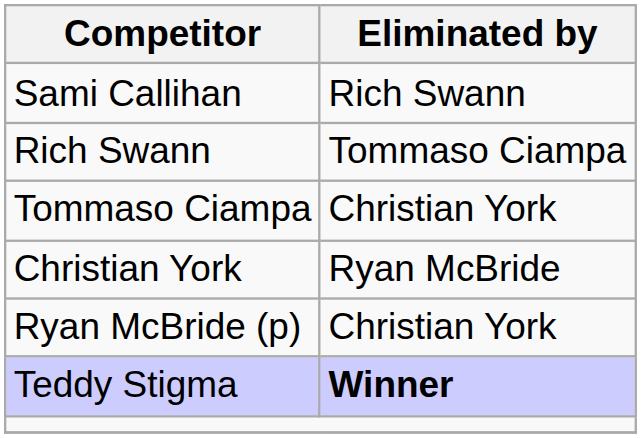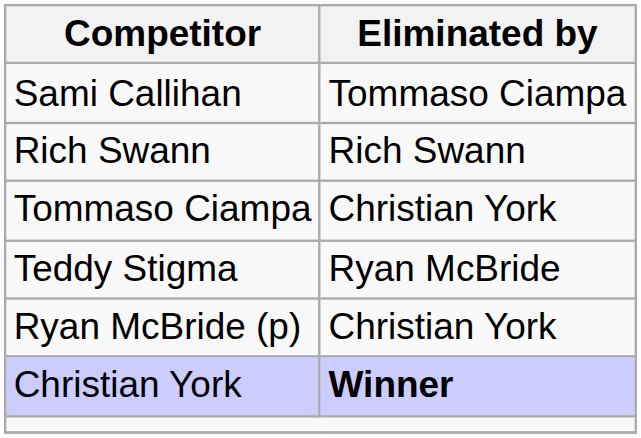 <table class="wikitable">
 <tr>
 <th>Competitor</th>
 <th>Eliminated by</th>
 </tr>
 <tr>
 <td>Sami Callihan</td>
-<td>Rich Swann</td>
+<td>Tommaso Ciampa</td>
 </tr>
 <tr>
 <td>Rich Swann</td>
-<td>Tommaso Ciampa</td>
+<td>Rich Swann</td>
 </tr>
 <tr>
 <td>Tommaso Ciampa</td>
 <td>Christian York</td>
 </tr>
 <tr>
-<td>Christian York</td>
+<td>Teddy Stigma</td>
 <td>Ryan McBride</td>
 </tr>
 <tr>
 <td>Ryan McBride (p)</td>
 <td>Christian York</td>
 </tr>
 <tr style="background: #CCCCFF;">
-<td>Teddy Stigma</td>
+<td>Christian York</td>
 <td><strong>Winner</strong></td>
 </tr>
 <tr>
 <td colspan="2"></td>
 </tr>
 <tr>
 </tr>
 </table>
